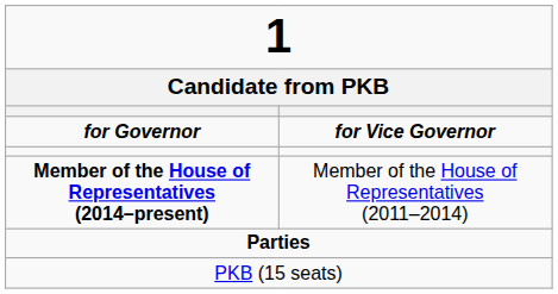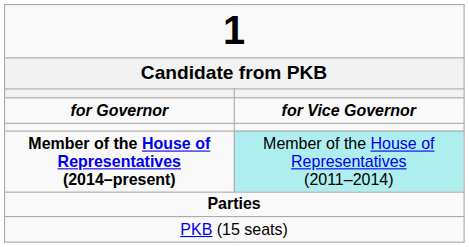 <table class="wikitable" style="font-size:90%; text-align:center;">
 <tr>
 <td colspan=2><big><big><big><big><big><strong>1</strong></big></big></big></big></big></td>
 </tr>
 <tr>
 <th colspan=2><big>Candidate from PKB</big></th>
 </tr>
 <tr>
 <th style="width:3em; font-size:135%; background:#"><a href='#'></a></th>
 <th style="width:3em; font-size:135%; background:#"><a href='#'></a></th>
 </tr>
 <tr style="color:#000; font-size:100%; background:#">
 <td style="width:3em; width:200px;"><strong><em>for Governor</em></strong></td>
 <td style="width:3em; width:200px;"><strong><em>for Vice Governor</em></strong></td>
 </tr>
 <tr>
 <td></td>
 <td></td>
 </tr>
 <tr>
 <td><strong>Member of the <a href='#'>House of Representatives</a><br>(2014–present)</strong></td>
-<td>Member of the <a href='#'>House of Representatives</a><br>(2011–2014)</td>
+<td style="background: paleturquoise;">Member of the <a href='#'>House of Representatives</a><br>(2011–2014)</td>
 </tr>
 <tr>
 <td colspan=2><strong>Parties</strong></td>
 </tr>
 <tr>
 <td colspan=2> <a href='#'>PKB</a> (15 seats)</td>
 </tr>
 </table>
